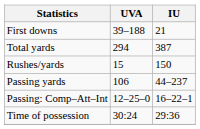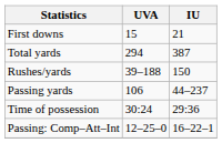 <table class="wikitable" style="float: left;">
 <tr>
 <th>Statistics</th>
 <th>UVA</th>
 <th>IU</th>
 </tr>
 <tr>
 <td>First downs</td>
-<td>39–188</td>
+<td>15</td>
 <td>21</td>
 </tr>
 <tr>
 <td>Total yards</td>
 <td>294</td>
 <td>387</td>
 </tr>
 <tr>
 <td>Rushes/yards</td>
-<td>15</td>
+<td>39–188</td>
 <td>150</td>
 </tr>
 <tr>
 <td>Passing yards</td>
 <td>106</td>
 <td>44–237</td>
 </tr>
 <tr>
+<td>Time of possession</td>
+<td>30:24</td>
+<td>29:36</td>
+</tr>
+<tr>
 <td>Passing: Comp–Att–Int</td>
 <td>12–25–0</td>
 <td>16–22–1</td>
 </tr>
 <tr>
-<td>Time of possession</td>
-<td>30:24</td>
-<td>29:36</td>
-</tr>
-<tr>
 </tr>
 </table>
